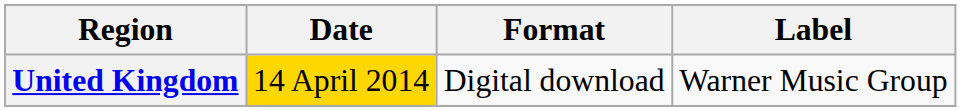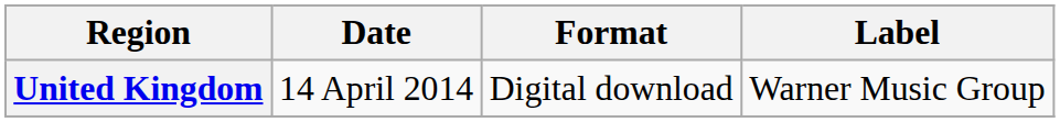 <table class="wikitable plainrowheaders">
 <tr>
 <th scope="col">Region</th>
 <th scope="col">Date</th>
 <th scope="col">Format</th>
 <th scope="col">Label</th>
 </tr>
 <tr>
 <th scope="row"><a href='#'>United Kingdom</a></th>
-<td style="background: gold;">14 April 2014</td>
+<td>14 April 2014</td>
 <td>Digital download</td>
 <td>Warner Music Group</td>
 </tr>
 <tr>
 </tr>
 </table>
